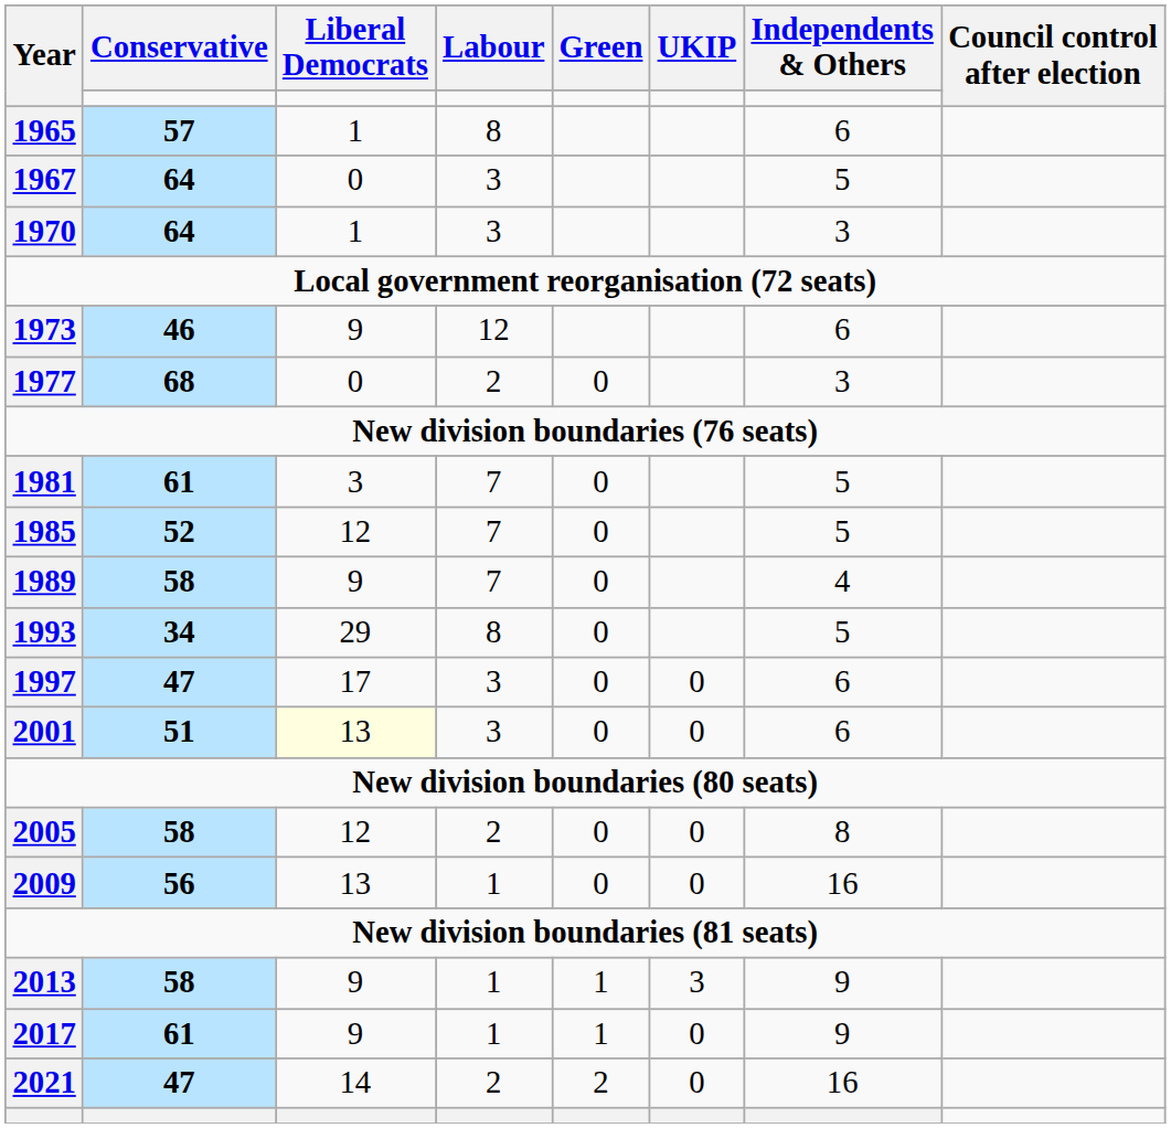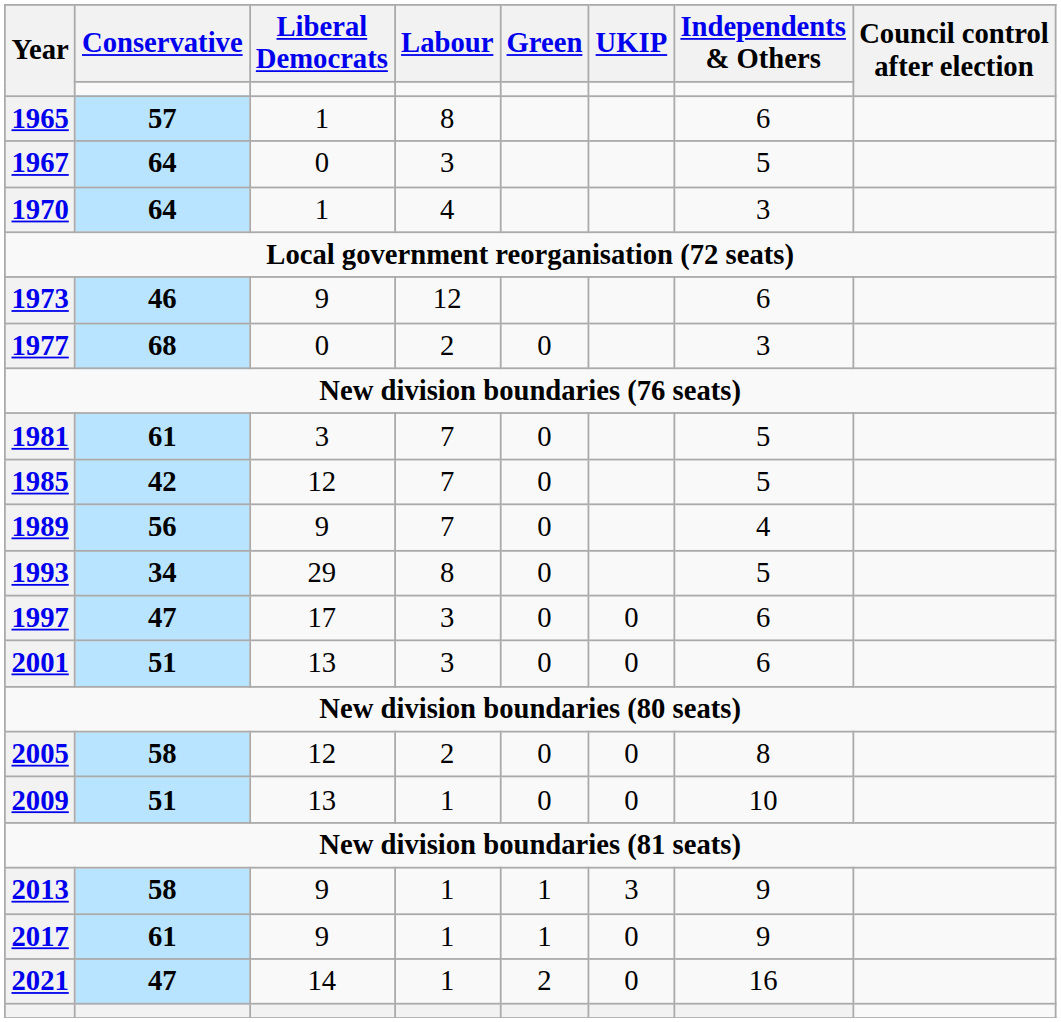 <table class="wikitable plainrowheaders" style="text-align:center">
 <tr>
 <th scope="col" rowspan="2">Year</th>
 <th scope="col"><a href='#'>Conservative</a></th>
 <th scope="col" style="width:1px"><a href='#'>Liberal Democrats</a></th>
 <th scope="col"><a href='#'>Labour</a></th>
 <th scope="col"><a href='#'>Green</a></th>
 <th scope="col"><a href='#'>UKIP</a></th>
 <th scope="col"><a href='#'>Independents</a><br>& Others</th>
 <th scope="col" rowspan="2" colspan="2">Council control<br>after election</th>
 </tr>
 <tr>
 <td style="background:"></td>
 <td style="background:"></td>
 <td style="background:"></td>
 <td style="background:"></td>
 <td style="background:"></td>
 <td style="background:"></td>
 </tr>
 <tr>
 <th scope="row"><a href='#'>1965</a></th>
 <td style="background:#B9E4FF;"><strong>57</strong></td>
 <td>1</td>
 <td>8</td>
 <td></td>
 <td></td>
 <td>6</td>
 <td></td>
 </tr>
 <tr>
 <th scope="row"><a href='#'>1967</a></th>
 <td style="background:#B9E4FF;"><strong>64</strong></td>
 <td>0</td>
 <td>3</td>
 <td></td>
 <td></td>
 <td>5</td>
 <td></td>
 </tr>
 <tr>
 <th scope="row"><a href='#'>1970</a></th>
 <td style="background:#B9E4FF;"><strong>64</strong></td>
 <td>1</td>
-<td>3</td>
+<td>4</td>
 <td></td>
 <td></td>
 <td>3</td>
 <td></td>
 </tr>
 <tr>
 <td colspan="9"><strong>Local government reorganisation (72 seats)</strong></td>
 </tr>
 <tr>
 <th scope="row"><a href='#'>1973</a></th>
 <td style="background:#B9E4FF;"><strong>46</strong></td>
 <td>9</td>
 <td>12</td>
 <td></td>
 <td></td>
 <td>6</td>
 <td></td>
 </tr>
 <tr>
 <th scope="row"><a href='#'>1977</a></th>
 <td style="background:#B9E4FF;"><strong>68</strong></td>
 <td>0</td>
 <td>2</td>
 <td>0</td>
 <td></td>
 <td>3</td>
 <td></td>
 </tr>
 <tr>
 <td colspan="9"><strong>New division boundaries (76 seats)</strong></td>
 </tr>
 <tr>
 <th scope="row"><a href='#'>1981</a></th>
 <td style="background:#B9E4FF;"><strong>61</strong></td>
 <td>3</td>
 <td>7</td>
 <td>0</td>
 <td></td>
 <td>5</td>
 <td></td>
 </tr>
 <tr>
 <th scope="row"><a href='#'>1985</a></th>
-<td style="background:#B9E4FF;"><strong>52</strong></td>
+<td style="background:#B9E4FF;"><strong>42</strong></td>
 <td>12</td>
 <td>7</td>
 <td>0</td>
 <td></td>
 <td>5</td>
 <td></td>
 </tr>
 <tr>
 <th scope="row"><a href='#'>1989</a></th>
-<td style="background:#B9E4FF;"><strong>58</strong></td>
+<td style="background:#B9E4FF;"><strong>56</strong></td>
 <td>9</td>
 <td>7</td>
 <td>0</td>
 <td></td>
 <td>4</td>
 <td></td>
 </tr>
 <tr>
 <th scope="row"><a href='#'>1993</a></th>
 <td style="background:#B9E4FF;"><strong>34</strong></td>
 <td>29</td>
 <td>8</td>
 <td>0</td>
 <td></td>
 <td>5</td>
 <td></td>
 </tr>
 <tr>
 <th scope="row"><a href='#'>1997</a></th>
 <td style="background:#B9E4FF;"><strong>47</strong></td>
 <td>17</td>
 <td>3</td>
 <td>0</td>
 <td>0</td>
 <td>6</td>
 <td></td>
 </tr>
 <tr>
 <th scope="row"><a href='#'>2001</a></th>
 <td style="background:#B9E4FF;"><strong>51</strong></td>
-<td style="background: lightyellow;">13</td>
+<td>13</td>
 <td>3</td>
 <td>0</td>
 <td>0</td>
 <td>6</td>
 <td></td>
 </tr>
 <tr>
 <td colspan="9"><strong>New division boundaries (80 seats)</strong></td>
 </tr>
 <tr>
 <th scope="row"><a href='#'>2005</a></th>
 <td style="background:#B9E4FF;"><strong>58</strong></td>
 <td>12</td>
 <td>2</td>
 <td>0</td>
 <td>0</td>
 <td>8</td>
 <td></td>
 </tr>
 <tr>
 <th scope="row"><a href='#'>2009</a></th>
-<td style="background:#B9E4FF;"><strong>56</strong></td>
+<td style="background:#B9E4FF;"><strong>51</strong></td>
 <td>13</td>
 <td>1</td>
 <td>0</td>
 <td>0</td>
-<td>16</td>
+<td>10</td>
 <td></td>
 </tr>
 <tr>
 <td colspan="9"><strong>New division boundaries (81 seats)</strong></td>
 </tr>
 <tr>
 <th scope="row"><a href='#'>2013</a></th>
 <td style="background:#B9E4FF;"><strong>58</strong></td>
 <td>9</td>
 <td>1</td>
 <td>1</td>
 <td>3</td>
 <td>9</td>
 <td></td>
 </tr>
 <tr>
 <th scope="row"><a href='#'>2017</a></th>
 <td style="background:#B9E4FF;"><strong>61</strong></td>
 <td>9</td>
 <td>1</td>
 <td>1</td>
 <td>0</td>
 <td>9</td>
 <td></td>
 </tr>
 <tr>
 <th scope="row"><a href='#'>2021</a></th>
 <td style="background:#B9E4FF;"><strong>47</strong></td>
 <td>14</td>
-<td>2</td>
+<td>1</td>
 <td>2</td>
 <td>0</td>
 <td>16</td>
 <td></td>
 </tr>
 <tr>
 <th></th>
 <th style="background-color: "></th>
 <th style="background-color: "></th>
 <th style="background-color: "></th>
 <th style="background-color: "></th>
 <th style="background-color: "></th>
 <th style="background-color: "></th>
 </tr>
 </table>
